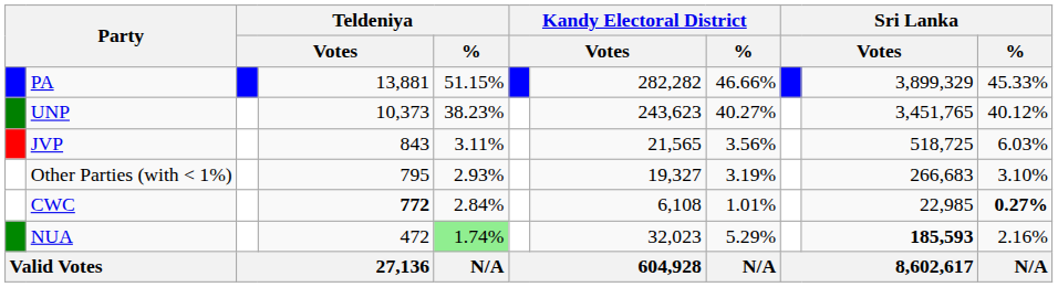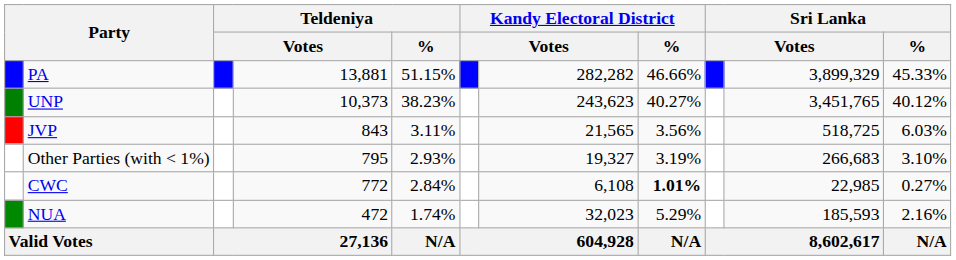 <table class="wikitable">
 <tr>
 <th colspan="2" width="144px"rowspan="2">Party</th>
 <th colspan="3" width="216px">Teldeniya</th>
 <th colspan="3" width="216px"><a href='#'>Kandy Electoral District</a></th>
 <th colspan="3" width="216px">Sri Lanka</th>
 </tr>
 <tr>
 <th colspan="2" width="144px">Votes</th>
 <th>%</th>
 <th colspan="2" width="144px">Votes</th>
 <th>%</th>
 <th colspan="2" width="144px">Votes</th>
 <th>%</th>
 </tr>
 <tr>
 <td style="background-color:blue;" width="10px"></td>
 <td style="text-align:left;"><a href='#'>PA</a></td>
 <td style="background-color:blue;" width="10px"></td>
 <td style="text-align:right;">13,881</td>
 <td style="text-align:right;">51.15%</td>
 <td style="background-color:blue;" width="10px"></td>
 <td style="text-align:right;">282,282</td>
 <td style="text-align:right;">46.66%</td>
 <td style="background-color:blue;" width="10px"></td>
 <td style="text-align:right;">3,899,329</td>
 <td style="text-align:right;">45.33%</td>
 </tr>
 <tr>
 <td style="background-color:green;" width="10px"></td>
 <td style="text-align:left;"><a href='#'>UNP</a></td>
 <td style="background-color:white;" width="10px"></td>
 <td style="text-align:right;">10,373</td>
 <td style="text-align:right;">38.23%</td>
 <td style="background-color:white;" width="10px"></td>
 <td style="text-align:right;">243,623</td>
 <td style="text-align:right;">40.27%</td>
 <td style="background-color:white;" width="10px"></td>
 <td style="text-align:right;">3,451,765</td>
 <td style="text-align:right;">40.12%</td>
 </tr>
 <tr>
 <td style="background-color:red;" width="10px"></td>
 <td style="text-align:left;"><a href='#'>JVP</a></td>
 <td style="background-color:white;" width="10px"></td>
 <td style="text-align:right;">843</td>
 <td style="text-align:right;">3.11%</td>
 <td style="background-color:white;" width="10px"></td>
 <td style="text-align:right;">21,565</td>
 <td style="text-align:right;">3.56%</td>
 <td style="background-color:white;" width="10px"></td>
 <td style="text-align:right;">518,725</td>
 <td style="text-align:right;">6.03%</td>
 </tr>
 <tr>
 <td style="background-color:white;" width="10px"></td>
 <td style="text-align:left;">Other Parties (with < 1%)</td>
 <td style="background-color:white;" width="10px"></td>
 <td style="text-align:right;">795</td>
 <td style="text-align:right;">2.93%</td>
 <td style="background-color:white;" width="10px"></td>
 <td style="text-align:right;">19,327</td>
 <td style="text-align:right;">3.19%</td>
 <td style="background-color:white;" width="10px"></td>
 <td style="text-align:right;">266,683</td>
 <td style="text-align:right;">3.10%</td>
 </tr>
 <tr>
 <td style="background-color:white;" width="10px"></td>
 <td style="text-align:left;"><a href='#'>CWC</a></td>
 <td style="background-color:white;" width="10px"></td>
-<td style="text-align:right;"><strong>772</strong></td>
+<td style="text-align:right;">772</td>
 <td style="text-align:right;">2.84%</td>
 <td style="background-color:white;" width="10px"></td>
 <td style="text-align:right;">6,108</td>
-<td style="text-align:right;">1.01%</td>
+<td style="text-align:right;"><strong>1.01%</strong></td>
 <td style="background-color:white;" width="10px"></td>
 <td style="text-align:right;">22,985</td>
-<td style="text-align:right;"><strong>0.27%</strong></td>
+<td style="text-align:right;">0.27%</td>
 </tr>
 <tr>
 <td style="background-color:#008800;" width="10px"></td>
 <td style="text-align:left;"><a href='#'>NUA</a></td>
 <td style="background-color:white;" width="10px"></td>
 <td style="text-align:right;">472</td>
-<td style="background: lightgreen; text-align:right;">1.74%</td>
+<td style="text-align:right;">1.74%</td>
 <td style="background-color:white;" width="10px"></td>
 <td style="text-align:right;">32,023</td>
 <td style="text-align:right;">5.29%</td>
 <td style="background-color:white;" width="10px"></td>
-<td style="text-align:right;"><strong>185,593</strong></td>
+<td style="text-align:right;">185,593</td>
 <td style="text-align:right;">2.16%</td>
 </tr>
 <tr>
 <th colspan="2" width="144px"style="text-align:left;">Valid Votes</th>
 <th style="text-align:right;"colspan="2" width="144px">27,136</th>
 <th style="text-align:right;">N/A</th>
 <th style="text-align:right;"colspan="2" width="144px">604,928</th>
 <th style="text-align:right;">N/A</th>
 <th style="text-align:right;"colspan="2" width="144px">8,602,617</th>
 <th style="text-align:right;">N/A</th>
 </tr>
 </table>
